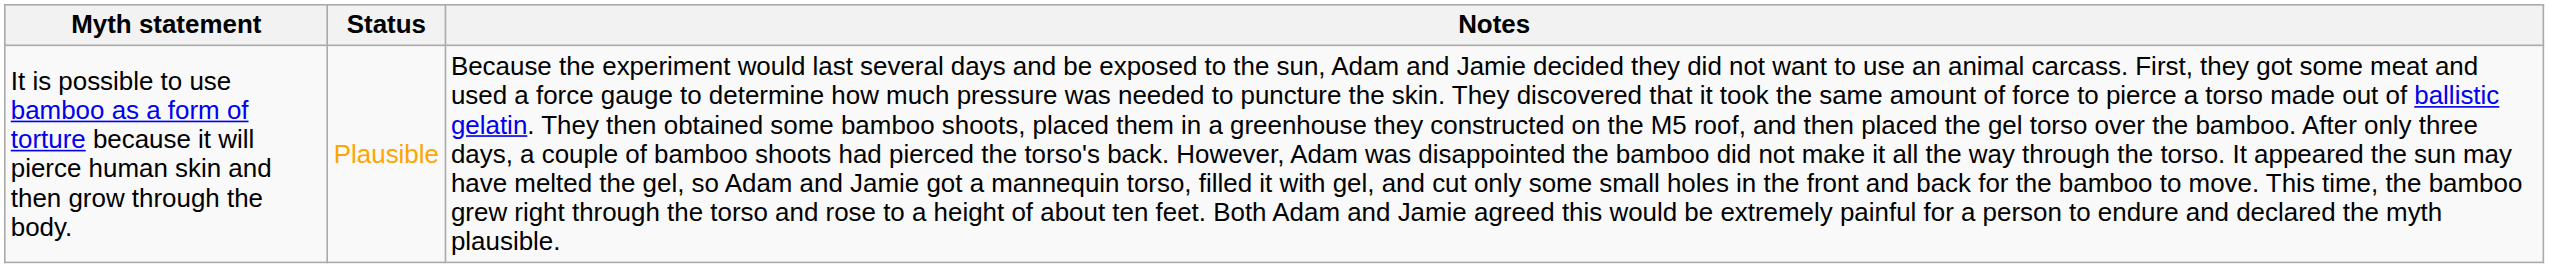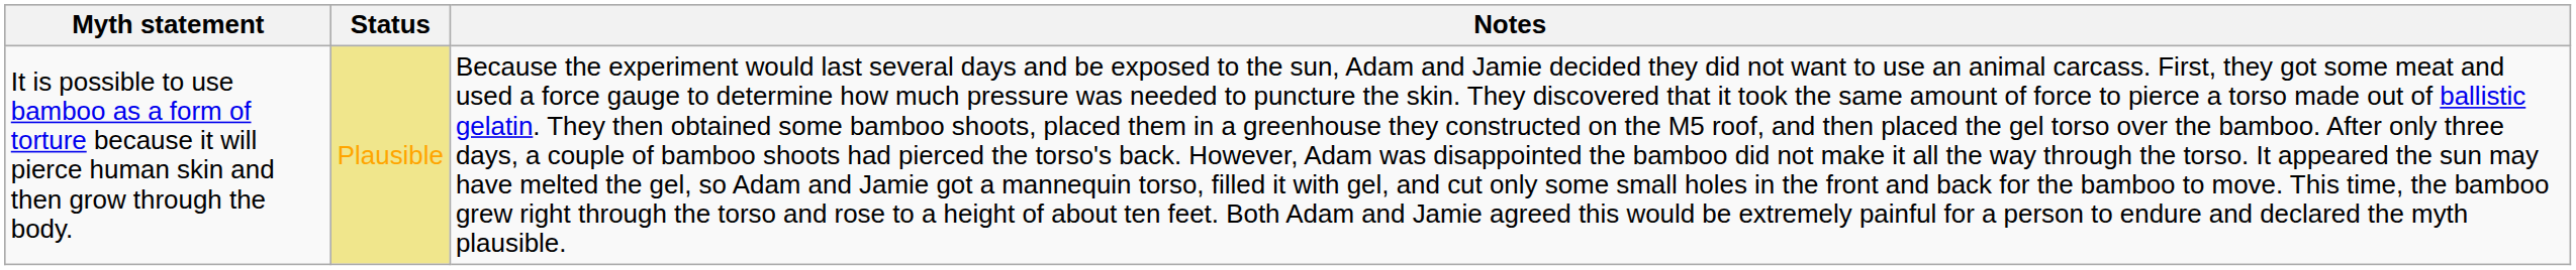 <table class="wikitable plainrowheaders">
 <tr>
 <th>Myth statement</th>
 <th>Status</th>
 <th>Notes</th>
 </tr>
 <tr>
 <td>It is possible to use <a href='#'>bamboo as a form of torture</a> because it will pierce human skin and then grow through the body.</td>
-<td style="color:orange">Plausible</td>
+<td style="background: khaki; color:orange">Plausible</td>
 <td>Because the experiment would last several days and be exposed to the sun, Adam and Jamie decided they did not want to use an animal carcass.  First, they got some meat and used a force gauge to determine how much pressure was needed to puncture the skin. They discovered that it took the same amount of force to pierce a torso made out of <a href='#'>ballistic gelatin</a>. They then obtained some bamboo shoots, placed them in a greenhouse they constructed on the M5 roof, and then placed the gel torso over the bamboo. After only three days, a couple of bamboo shoots had pierced the torso's back.  However, Adam was disappointed the bamboo did not make it all the way through the torso. It appeared the sun may have melted the gel, so Adam and Jamie got a mannequin torso, filled it with gel, and cut only some small holes in the front and back for the bamboo to move. This time, the bamboo grew right through the torso and rose to a height of about ten feet. Both Adam and Jamie agreed this would be extremely painful for a person to endure and declared the myth plausible.</td>
 </tr>
 </table>
